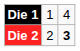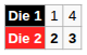 <table class="wikitable" style=text-align:center>
 <tr>
 <th style="background: #000000; color: white;">Die 1</th>
 <td style="width: 10pt;">1</td>
 <td style="width: 10pt;">4</td>
 </tr>
 <tr>
 <th style="background: #FF2222; color: white;">Die 2</th>
-<td>2</td>
+<td><strong>2</strong></td>
 <td><strong>3</strong></td>
 </tr>
 </table>
